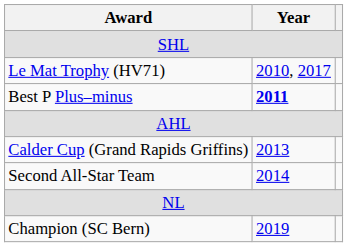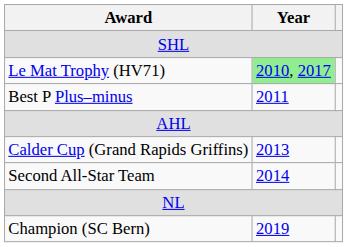 <table class="wikitable">
 <tr>
 <th>Award</th>
 <th>Year</th>
 <th></th>
 </tr>
 <tr ALIGN="center" bgcolor="#e0e0e0">
 <td colspan="3"><a href='#'>SHL</a></td>
 </tr>
 <tr>
 <td><a href='#'>Le Mat Trophy</a> (HV71)</td>
-<td><a href='#'>2010</a>, <a href='#'>2017</a></td>
+<td style="background: lightgreen;"><a href='#'>2010</a>, <a href='#'>2017</a></td>
 <td></td>
 </tr>
 <tr>
 <td>Best P <a href='#'>Plus–minus</a></td>
-<td><strong><a href='#'>2011</a></strong></td>
+<td><a href='#'>2011</a></td>
 <td></td>
 </tr>
 <tr ALIGN="center" bgcolor="#e0e0e0">
 <td colspan="3"><a href='#'>AHL</a></td>
 </tr>
 <tr>
 <td><a href='#'>Calder Cup</a> (Grand Rapids Griffins)</td>
 <td><a href='#'>2013</a></td>
 <td></td>
 </tr>
 <tr>
 <td>Second All-Star Team</td>
 <td><a href='#'>2014</a></td>
 <td></td>
 </tr>
 <tr ALIGN="center" bgcolor="#e0e0e0">
 <td colspan="3"><a href='#'>NL</a></td>
 </tr>
 <tr>
 <td>Champion (SC Bern)</td>
 <td><a href='#'>2019</a></td>
 <td></td>
 </tr>
 </table>
